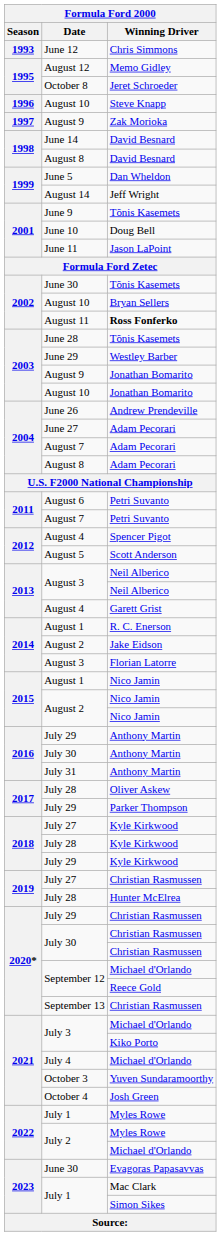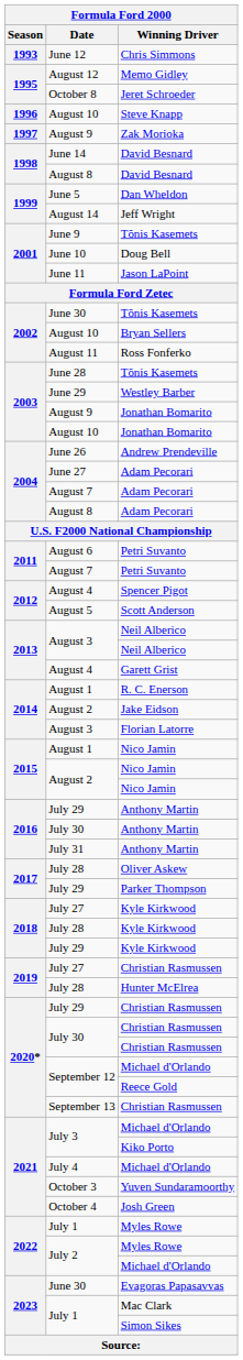 <table class="wikitable" style="font-size: 95%;">
 <tr>
 <th colspan=3><a href='#'>Formula Ford 2000</a></th>
 </tr>
 <tr>
 <th>Season</th>
 <th>Date</th>
 <th>Winning Driver</th>
 </tr>
 <tr>
 <th><a href='#'>1993</a></th>
 <td>June 12</td>
 <td> <a href='#'>Chris Simmons</a></td>
 </tr>
 <tr>
 <th rowspan="2"><a href='#'>1995</a></th>
 <td>August 12</td>
 <td> <a href='#'>Memo Gidley</a></td>
 </tr>
 <tr>
 <td>October 8</td>
 <td> <a href='#'>Jeret Schroeder</a></td>
 </tr>
 <tr>
 <th><a href='#'>1996</a></th>
 <td>August 10</td>
 <td> <a href='#'>Steve Knapp</a></td>
 </tr>
 <tr>
 <th><a href='#'>1997</a></th>
 <td>August 9</td>
 <td> <a href='#'>Zak Morioka</a></td>
 </tr>
 <tr>
 <th rowspan="2"><a href='#'>1998</a></th>
 <td>June 14</td>
 <td> <a href='#'>David Besnard</a></td>
 </tr>
 <tr>
 <td>August 8</td>
 <td> <a href='#'>David Besnard</a></td>
 </tr>
 <tr>
 <th rowspan="2"><a href='#'>1999</a></th>
 <td>June 5</td>
 <td> <a href='#'>Dan Wheldon</a></td>
 </tr>
 <tr>
 <td>August 14</td>
 <td> Jeff Wright</td>
 </tr>
 <tr>
 <th rowspan="3"><a href='#'>2001</a></th>
 <td>June 9</td>
 <td> <a href='#'>Tõnis Kasemets</a></td>
 </tr>
 <tr>
 <td>June 10</td>
 <td> Doug Bell</td>
 </tr>
 <tr>
 <td>June 11</td>
 <td> <a href='#'>Jason LaPoint</a></td>
 </tr>
 <tr>
 <th colspan="3"><a href='#'>Formula Ford Zetec</a></th>
 </tr>
 <tr>
 <th rowspan="3"><a href='#'>2002</a></th>
 <td>June 30</td>
 <td> <a href='#'>Tõnis Kasemets</a></td>
 </tr>
 <tr>
 <td>August 10</td>
 <td> <a href='#'>Bryan Sellers</a></td>
 </tr>
 <tr>
 <td>August 11</td>
-<td><strong> Ross Fonferko</strong></td>
+<td> Ross Fonferko</td>
 </tr>
 <tr>
 <th rowspan="4"><a href='#'>2003</a></th>
 <td>June 28</td>
 <td> <a href='#'>Tõnis Kasemets</a></td>
 </tr>
 <tr>
 <td>June 29</td>
 <td> <a href='#'>Westley Barber</a></td>
 </tr>
 <tr>
 <td>August 9</td>
 <td> <a href='#'>Jonathan Bomarito</a></td>
 </tr>
 <tr>
 <td>August 10</td>
 <td> <a href='#'>Jonathan Bomarito</a></td>
 </tr>
 <tr>
 <th rowspan=4><a href='#'>2004</a></th>
 <td>June 26</td>
 <td> <a href='#'>Andrew Prendeville</a></td>
 </tr>
 <tr>
 <td>June 27</td>
 <td> <a href='#'>Adam Pecorari</a></td>
 </tr>
 <tr>
 <td>August 7</td>
 <td> <a href='#'>Adam Pecorari</a></td>
 </tr>
 <tr>
 <td>August 8</td>
 <td> <a href='#'>Adam Pecorari</a></td>
 </tr>
 <tr>
 <th colspan="3"><a href='#'>U.S. F2000 National Championship</a></th>
 </tr>
 <tr>
 <th rowspan=2><a href='#'>2011</a></th>
 <td>August 6</td>
 <td> <a href='#'>Petri Suvanto</a></td>
 </tr>
 <tr>
 <td>August 7</td>
 <td> <a href='#'>Petri Suvanto</a></td>
 </tr>
 <tr>
 <th rowspan=2><a href='#'>2012</a></th>
 <td>August 4</td>
 <td> <a href='#'>Spencer Pigot</a></td>
 </tr>
 <tr>
 <td>August 5</td>
 <td> <a href='#'>Scott Anderson</a></td>
 </tr>
 <tr>
 <th rowspan=3><a href='#'>2013</a></th>
 <td rowspan=2>August 3</td>
 <td> <a href='#'>Neil Alberico</a></td>
 </tr>
 <tr>
 <td> <a href='#'>Neil Alberico</a></td>
 </tr>
 <tr>
 <td>August 4</td>
 <td> <a href='#'>Garett Grist</a></td>
 </tr>
 <tr>
 <th rowspan=3><a href='#'>2014</a></th>
 <td>August 1</td>
 <td> <a href='#'>R. C. Enerson</a></td>
 </tr>
 <tr>
 <td>August 2</td>
 <td> <a href='#'>Jake Eidson</a></td>
 </tr>
 <tr>
 <td>August 3</td>
 <td> <a href='#'>Florian Latorre</a></td>
 </tr>
 <tr>
 <th rowspan=3><a href='#'>2015</a></th>
 <td>August 1</td>
 <td> <a href='#'>Nico Jamin</a></td>
 </tr>
 <tr>
 <td rowspan=2>August 2</td>
 <td> <a href='#'>Nico Jamin</a></td>
 </tr>
 <tr>
 <td> <a href='#'>Nico Jamin</a></td>
 </tr>
 <tr>
 <th rowspan=3><a href='#'>2016</a></th>
 <td>July 29</td>
 <td> <a href='#'>Anthony Martin</a></td>
 </tr>
 <tr>
 <td>July 30</td>
 <td> <a href='#'>Anthony Martin</a></td>
 </tr>
 <tr>
 <td>July 31</td>
 <td> <a href='#'>Anthony Martin</a></td>
 </tr>
 <tr>
 <th rowspan=2><a href='#'>2017</a></th>
 <td>July 28</td>
 <td> <a href='#'>Oliver Askew</a></td>
 </tr>
 <tr>
 <td>July 29</td>
 <td> <a href='#'>Parker Thompson</a></td>
 </tr>
 <tr>
 <th rowspan=3><a href='#'>2018</a></th>
 <td>July 27</td>
 <td> <a href='#'>Kyle Kirkwood</a></td>
 </tr>
 <tr>
 <td>July 28</td>
 <td> <a href='#'>Kyle Kirkwood</a></td>
 </tr>
 <tr>
 <td>July 29</td>
 <td> <a href='#'>Kyle Kirkwood</a></td>
 </tr>
 <tr>
 <th rowspan=2><a href='#'>2019</a></th>
 <td>July 27</td>
 <td> <a href='#'>Christian Rasmussen</a></td>
 </tr>
 <tr>
 <td>July 28</td>
 <td> <a href='#'>Hunter McElrea</a></td>
 </tr>
 <tr>
 <th rowspan=6><a href='#'>2020</a>*</th>
 <td>July 29</td>
 <td> <a href='#'>Christian Rasmussen</a></td>
 </tr>
 <tr>
 <td rowspan=2>July 30</td>
 <td> <a href='#'>Christian Rasmussen</a></td>
 </tr>
 <tr>
 <td> <a href='#'>Christian Rasmussen</a></td>
 </tr>
 <tr>
 <td rowspan=2>September 12</td>
 <td> <a href='#'>Michael d'Orlando</a></td>
 </tr>
 <tr>
 <td> <a href='#'>Reece Gold</a></td>
 </tr>
 <tr>
 <td>September 13</td>
 <td> <a href='#'>Christian Rasmussen</a></td>
 </tr>
 <tr>
 <th rowspan="5"><a href='#'>2021</a></th>
 <td rowspan="2">July 3</td>
 <td> <a href='#'>Michael d'Orlando</a></td>
 </tr>
 <tr>
 <td> <a href='#'>Kiko Porto</a></td>
 </tr>
 <tr>
 <td>July 4</td>
 <td> <a href='#'>Michael d'Orlando</a></td>
 </tr>
 <tr>
 <td>October 3</td>
 <td> <a href='#'>Yuven Sundaramoorthy</a></td>
 </tr>
 <tr>
 <td>October 4</td>
 <td> <a href='#'>Josh Green</a></td>
 </tr>
 <tr>
 <th rowspan="3"><a href='#'>2022</a></th>
 <td>July 1</td>
 <td> <a href='#'>Myles Rowe</a></td>
 </tr>
 <tr>
 <td rowspan="2">July 2</td>
 <td> <a href='#'>Myles Rowe</a></td>
 </tr>
 <tr>
 <td> <a href='#'>Michael d'Orlando</a></td>
 </tr>
 <tr>
 <th rowspan="3"><a href='#'>2023</a></th>
 <td>June 30</td>
 <td> <a href='#'>Evagoras Papasavvas</a></td>
 </tr>
 <tr>
 <td rowspan="2">July 1</td>
 <td> Mac Clark</td>
 </tr>
 <tr>
 <td> <a href='#'>Simon Sikes</a></td>
 </tr>
 <tr>
 <th colspan=3>Source:</th>
 </tr>
 </table>
